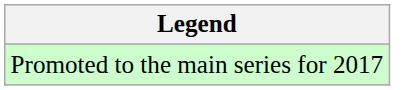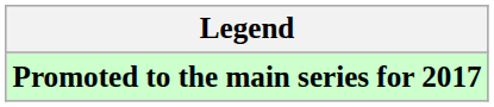 <table class="wikitable">
 <tr>
 <th>Legend</th>
 </tr>
 <tr bgcolor=ccffcc>
-<td>Promoted to the main series for 2017</td>
+<td><strong>Promoted to the main series for 2017</strong></td>
 </tr>
 </table>
